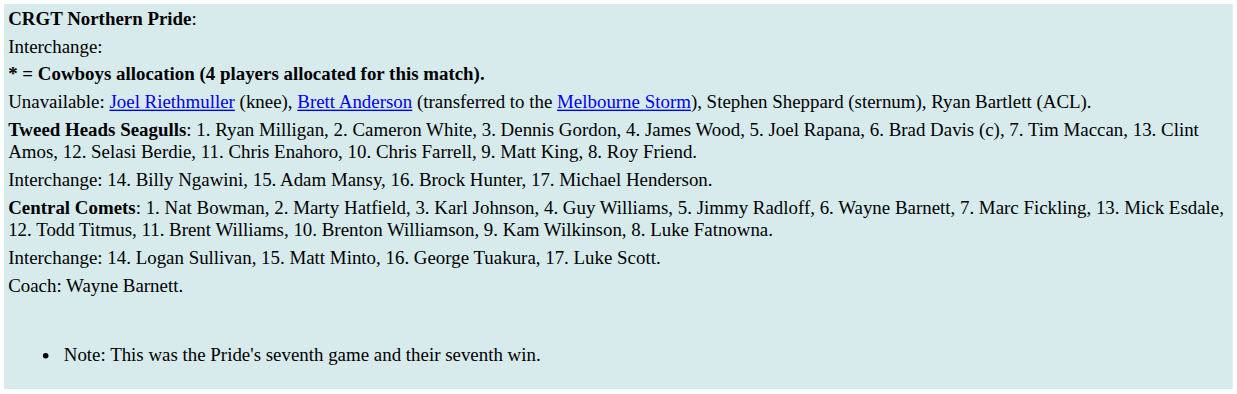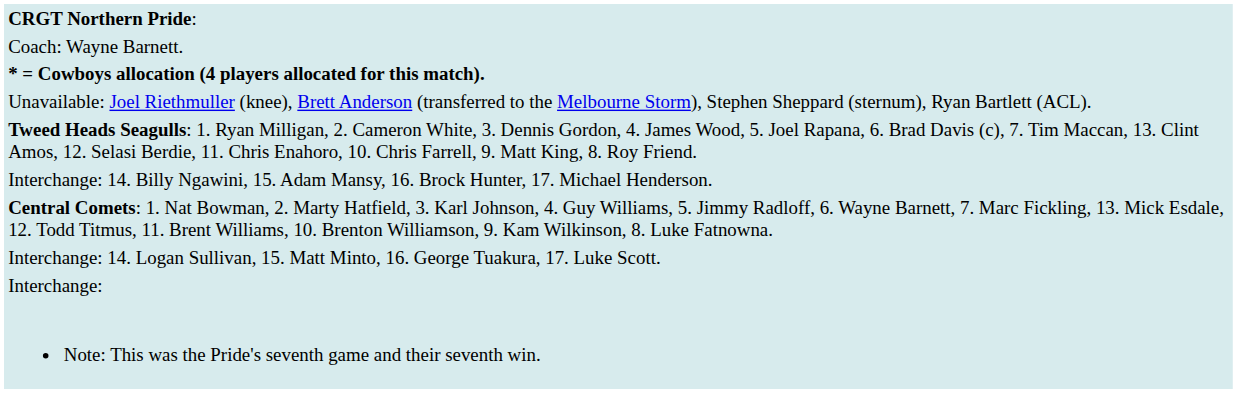 <table style="background:#d7ebed; font-size:85%; width:100%;">
 <tr>
 <td><strong>CRGT Northern Pride</strong>:             </td>
 </tr>
 <tr>
-<td>Interchange:    </td>
+<td>Coach: Wayne Barnett.</td>
 </tr>
 <tr>
 <td><strong>* = Cowboys allocation (4 players allocated for this match).</strong></td>
 </tr>
 <tr>
 <td>Unavailable: <a href='#'>Joel Riethmuller</a> (knee), <a href='#'>Brett Anderson</a> (transferred to the <a href='#'>Melbourne Storm</a>), Stephen Sheppard (sternum), Ryan Bartlett (ACL).</td>
 </tr>
 <tr>
 <td><strong>Tweed Heads Seagulls</strong>: 1. Ryan Milligan, 2. Cameron White, 3. Dennis Gordon, 4. James Wood, 5. Joel Rapana, 6. Brad Davis (c), 7. Tim Maccan, 13. Clint Amos, 12. Selasi Berdie, 11. Chris Enahoro, 10. Chris Farrell, 9. Matt King, 8. Roy Friend.</td>
 </tr>
 <tr>
 <td>Interchange: 14. Billy Ngawini, 15. Adam Mansy, 16. Brock Hunter, 17. Michael Henderson.</td>
 </tr>
 <tr>
 <td><strong>Central Comets</strong>: 1. Nat Bowman, 2. Marty Hatfield, 3. Karl Johnson, 4. Guy Williams, 5. Jimmy Radloff, 6. Wayne Barnett, 7. Marc Fickling, 13. Mick Esdale, 12. Todd Titmus, 11. Brent Williams, 10. Brenton Williamson, 9. Kam Wilkinson, 8. Luke Fatnowna.</td>
 </tr>
 <tr>
 <td>Interchange: 14. Logan Sullivan, 15. Matt Minto, 16. George Tuakura, 17. Luke Scott.</td>
 </tr>
 <tr>
-<td>Coach: Wayne Barnett.</td>
+<td>Interchange:    </td>
 </tr>
 <tr>
 <td><br><ul><li>Note: This was the Pride's seventh game and their seventh win.</li></ul></td>
 </tr>
 </table>
